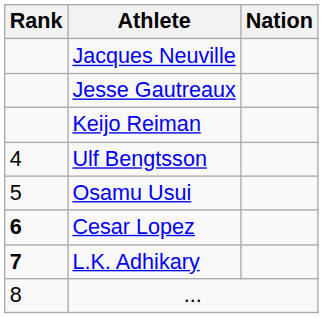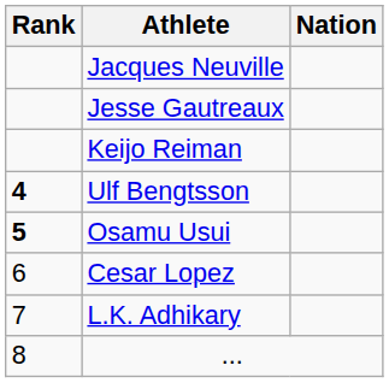 <table class="wikitable sortable" style="text-align:left">
 <tr>
 <th scope=col>Rank</th>
 <th scope=col>Athlete</th>
 <th scope=col>Nation</th>
 </tr>
 <tr>
 <td></td>
 <td align=left><a href='#'>Jacques Neuville</a></td>
 <td></td>
 </tr>
 <tr>
 <td></td>
 <td align=left><a href='#'>Jesse Gautreaux</a></td>
 <td></td>
 </tr>
 <tr>
 <td></td>
 <td align=left><a href='#'>Keijo Reiman</a></td>
 <td></td>
 </tr>
 <tr>
-<td>4</td>
+<td><strong>4</strong></td>
 <td align=left><a href='#'>Ulf Bengtsson</a></td>
 <td></td>
 </tr>
 <tr>
-<td>5</td>
+<td><strong>5</strong></td>
 <td align=left><a href='#'>Osamu Usui</a></td>
 <td></td>
 </tr>
 <tr>
-<td><strong>6</strong></td>
+<td>6</td>
 <td align=left><a href='#'>Cesar Lopez</a></td>
 <td></td>
 </tr>
 <tr>
-<td><strong>7</strong></td>
+<td>7</td>
 <td align=left><a href='#'>L.K. Adhikary</a></td>
 <td></td>
 </tr>
 <tr>
 <td>8</td>
 <td align=center colspan=2>...</td>
 </tr>
 </table>
